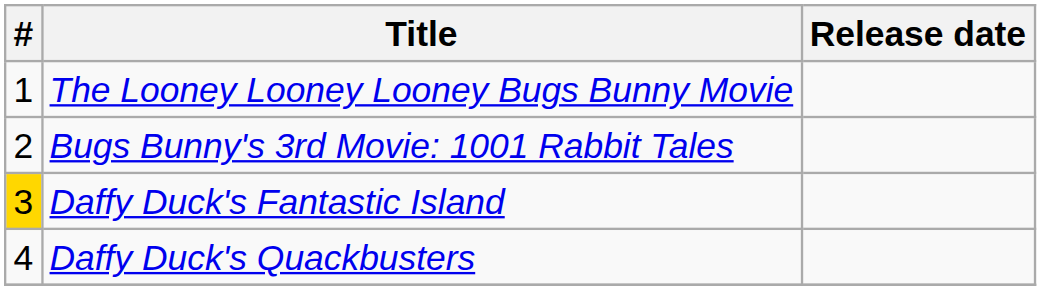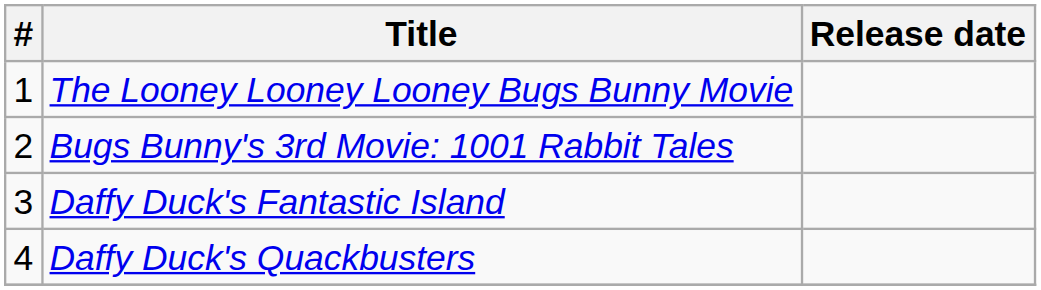 <table class="wikitable sortable" style="font-size:95%;">
 <tr>
 <th>#</th>
 <th>Title</th>
 <th>Release date</th>
 </tr>
 <tr>
 <td>1</td>
 <td><em><a href='#'>The Looney Looney Looney Bugs Bunny Movie</a></em></td>
 <td></td>
 </tr>
 <tr>
 <td>2</td>
 <td><em><a href='#'>Bugs Bunny's 3rd Movie: 1001 Rabbit Tales</a></em></td>
 <td></td>
 </tr>
 <tr>
-<td style="background: gold;">3</td>
+<td>3</td>
 <td><em><a href='#'>Daffy Duck's Fantastic Island</a></em></td>
 <td></td>
 </tr>
 <tr>
 <td>4</td>
 <td><em><a href='#'>Daffy Duck's Quackbusters</a></em></td>
 <td></td>
 </tr>
 <tr>
 </tr>
 </table>
